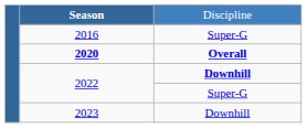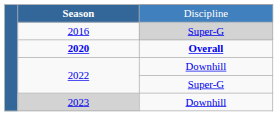 <table class="wikitable" style="font-size:95%; text-align:center; border:grey solid 1px; border-collapse:collapse;" width="30%">
 <tr style="background-color:#369; color:white;">
 <td rowspan="7" width="1%"></td>
 <td rowspan="2" colspan="1" width="10%"><strong>Season</strong></td>
 </tr>
 <tr style="background-color:#4180be; color:white;">
 <td width="10%">Discipline</td>
 </tr>
 <tr>
 <td><a href='#'>2016</a></td>
-<td><a href='#'>Super-G</a></td>
+<td style="background: lightgrey;"><a href='#'>Super-G</a></td>
 </tr>
 <tr>
 <td><strong><a href='#'>2020</a></strong></td>
 <td><strong><a href='#'>Overall</a></strong></td>
 </tr>
 <tr>
 <td rowspan=2><a href='#'>2022</a></td>
-<td><strong><a href='#'>Downhill</a></strong></td>
+<td><a href='#'>Downhill</a></td>
 </tr>
 <tr>
 <td><a href='#'>Super-G</a></td>
 </tr>
 <tr>
-<td><a href='#'>2023</a></td>
+<td style="background: lightgrey;"><a href='#'>2023</a></td>
 <td><a href='#'>Downhill</a></td>
 </tr>
 </table>
